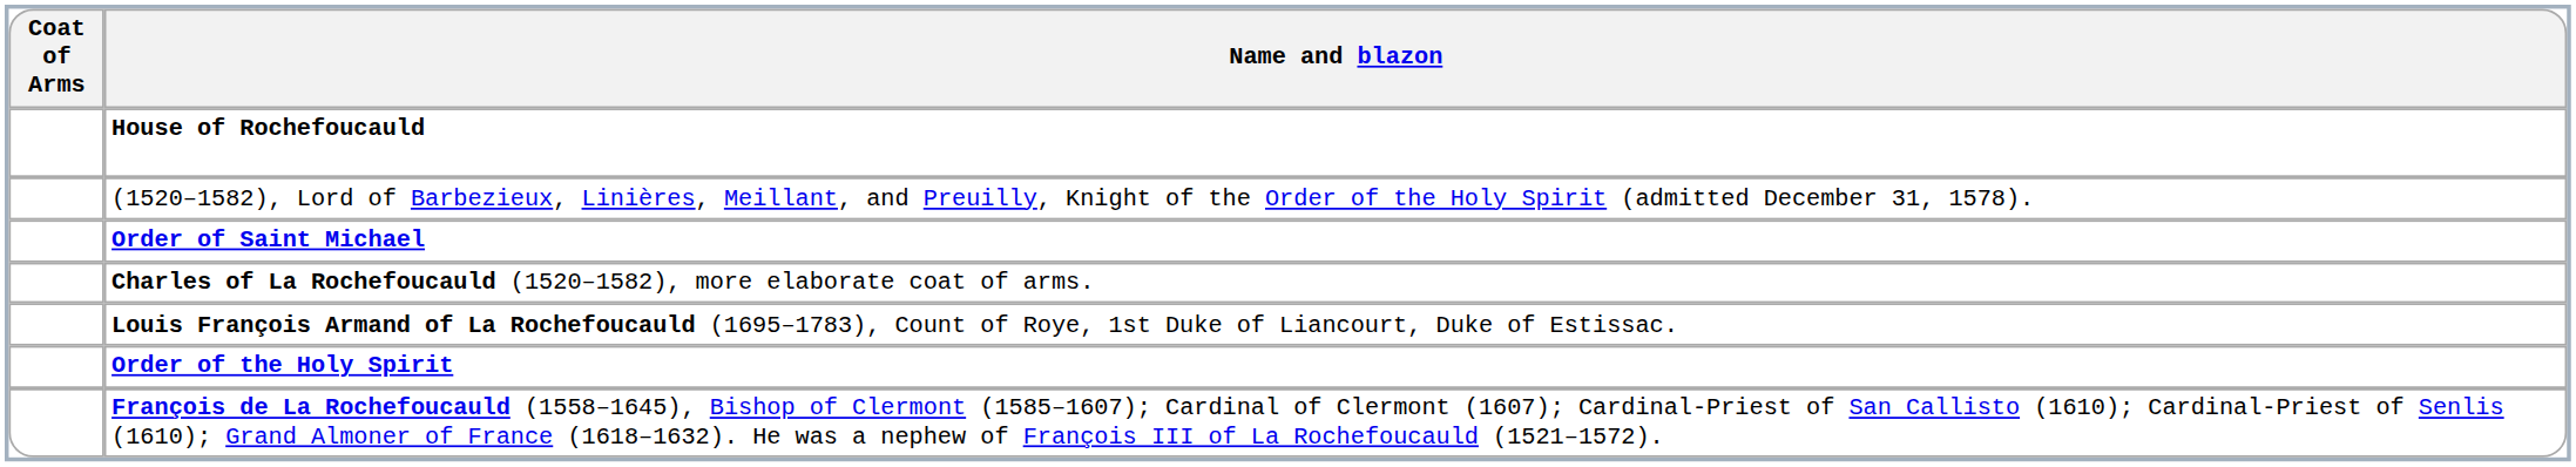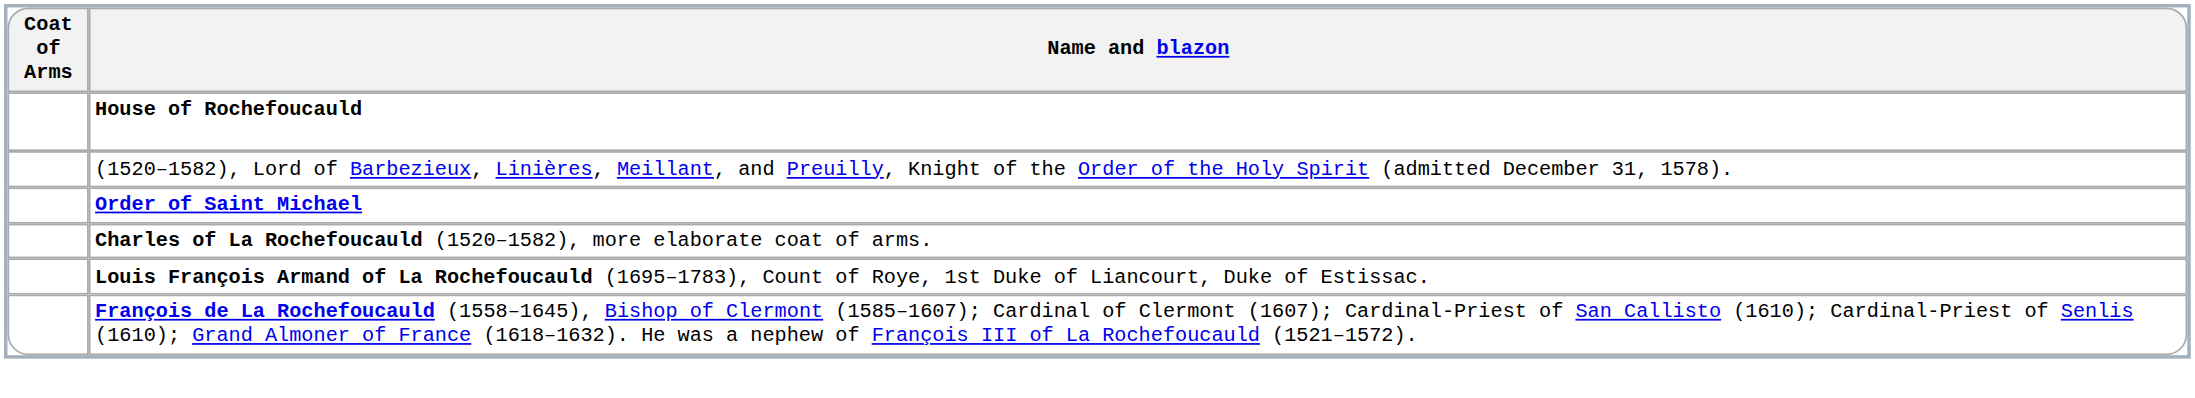 <table class="wikitable" style="margin:auto; border:2px solid #A3B1BF; font-size:90%; text-align:center; border-collapse:separate; border-spacing:0; background-color:White">
 <tr>
 <th style="border-radius: 12px 0 0 0; solid red;">Coat of<br>Arms</th>
 <th style="border-radius: 0 12px 0 0;">Name and <a href='#'>blazon</a></th>
 </tr>
 <tr style="vertical-align:top">
 <td style="text-align:center"></td>
 <td style="text-align:left;"><strong>House of Rochefoucauld</strong><br><br></td>
 </tr>
 <tr style="vertical-align:top">
 <td style="text-align:center"></td>
 <td style="text-align:left;"><strong></strong> (1520–1582), Lord of <a href='#'>Barbezieux</a>, <a href='#'>Linières</a>, <a href='#'>Meillant</a>, and <a href='#'>Preuilly</a>, Knight of the <a href='#'>Order of the Holy Spirit</a> (admitted December 31, 1578).<br></td>
 </tr>
 <tr style="vertical-align:top">
 <td style="text-align:center"></td>
 <td style="text-align:left;"><strong><a href='#'>Order of Saint Michael</a></strong> </td>
 </tr>
 <tr style="vertical-align:top">
 <td style="text-align:center"></td>
 <td style="text-align:left;"><strong>Charles of La Rochefoucauld</strong> (1520–1582), more elaborate coat of arms.</td>
 </tr>
 <tr style="vertical-align:top">
 <td style="text-align:center"></td>
 <td style="text-align:left;"><strong>Louis François Armand of La Rochefoucauld</strong> (1695–1783), Count of Roye, 1st Duke of Liancourt, Duke of Estissac.<br></td>
 </tr>
 <tr style="vertical-align:top">
-<td style="text-align:center;"></td>
-<td style="text-align:left;"><strong><a href='#'>Order of the Holy Spirit</a></strong> </td>
-</tr>
-<tr style="vertical-align:top">
 <td style="text-align:center; border-radius: 0 0 0 12px;"></td>
 <td style="text-align:left; border-radius: 0 0 12px 0;"><strong><a href='#'>François de La Rochefoucauld</a></strong> (1558–1645), <a href='#'>Bishop of Clermont</a> (1585–1607); Cardinal of Clermont (1607); Cardinal-Priest of <a href='#'>San Callisto</a> (1610); Cardinal-Priest of <a href='#'>Senlis</a> (1610); <a href='#'>Grand Almoner of France</a> (1618–1632). He was a nephew of <a href='#'>François III of La Rochefoucauld</a> (1521–1572).<br></td>
 </tr>
 </table>
